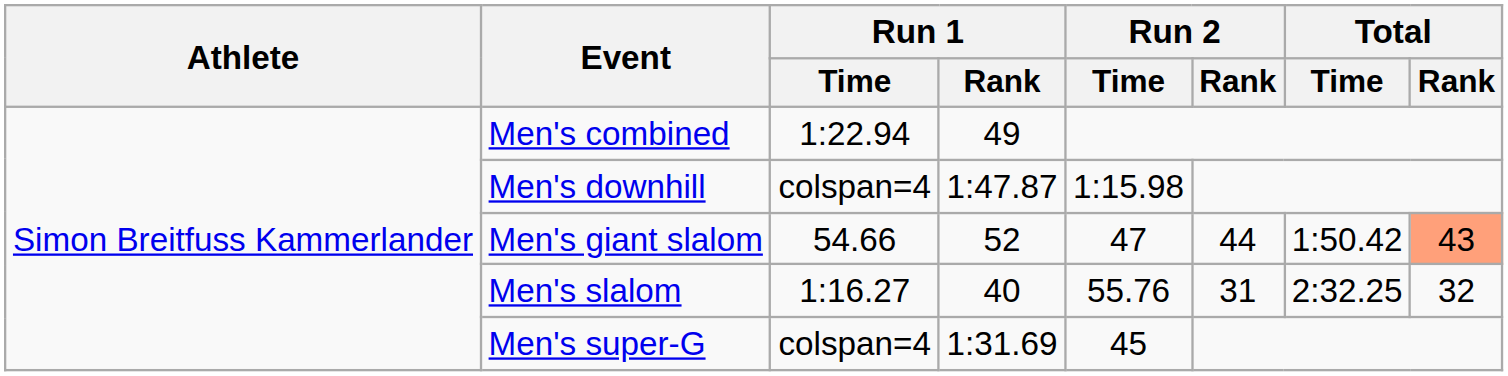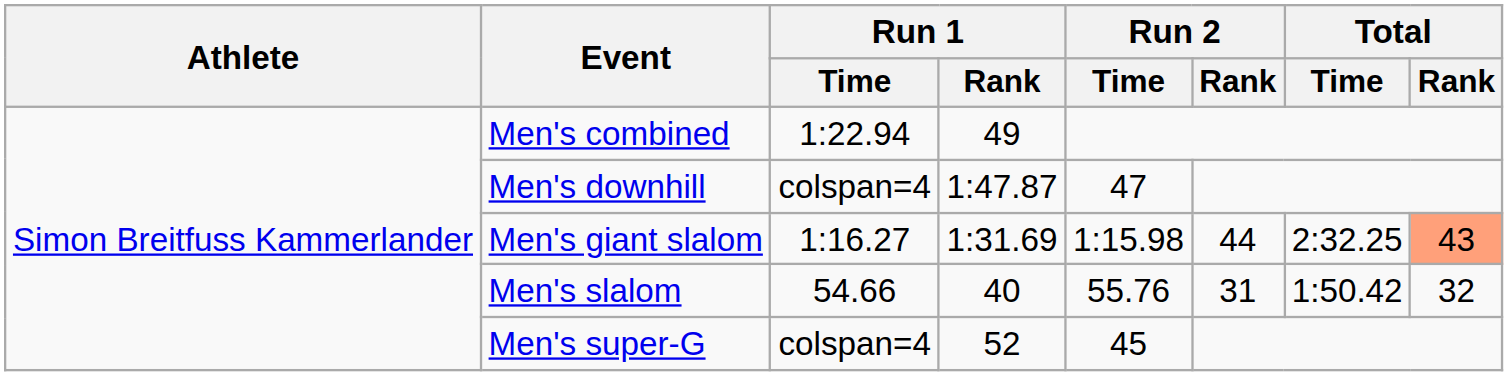 <table class="wikitable" style="font-size:90%">
 <tr>
 <th rowspan=2>Athlete</th>
 <th rowspan=2>Event</th>
 <th colspan=2>Run 1</th>
 <th colspan=2>Run 2</th>
 <th colspan=2>Total</th>
 </tr>
 <tr style="font-size:95%">
 <th>Time</th>
 <th>Rank</th>
 <th>Time</th>
 <th>Rank</th>
 <th>Time</th>
 <th>Rank</th>
 </tr>
 <tr align=center>
 <td align=left rowspan=5><a href='#'>Simon Breitfuss Kammerlander</a></td>
 <td align=left><a href='#'>Men's combined</a></td>
 <td>1:22.94</td>
 <td>49</td>
 <td colspan=4></td>
 </tr>
 <tr align=center>
 <td align=left><a href='#'>Men's downhill</a></td>
 <td>colspan=4 </td>
 <td>1:47.87</td>
-<td>1:15.98</td>
+<td>47</td>
 </tr>
 <tr align=center>
 <td align=left><a href='#'>Men's giant slalom</a></td>
-<td>54.66</td>
-<td>52</td>
-<td>47</td>
+<td>1:16.27</td>
+<td>1:31.69</td>
+<td>1:15.98</td>
 <td>44</td>
-<td>1:50.42</td>
+<td>2:32.25</td>
 <td style="background: lightsalmon;">43</td>
 </tr>
 <tr align=center>
 <td align=left><a href='#'>Men's slalom</a></td>
-<td>1:16.27</td>
+<td>54.66</td>
 <td>40</td>
 <td>55.76</td>
 <td>31</td>
-<td>2:32.25</td>
+<td>1:50.42</td>
 <td>32</td>
 </tr>
 <tr align=center>
 <td align=left><a href='#'>Men's super-G</a></td>
 <td>colspan=4 </td>
-<td>1:31.69</td>
+<td>52</td>
 <td>45</td>
 </tr>
 </table>
